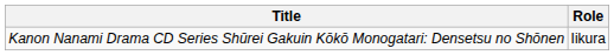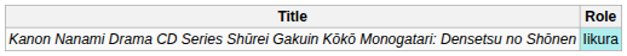 <table class="wikitable">
 <tr>
 <th>Title</th>
 <th>Role</th>
 </tr>
 <tr>
 <td><em>Kanon Nanami Drama CD Series Shūrei Gakuin Kōkō Monogatari: Densetsu no Shōnen</em></td>
-<td>Iikura</td>
+<td style="background: paleturquoise;">Iikura</td>
 </tr>
 </table>
